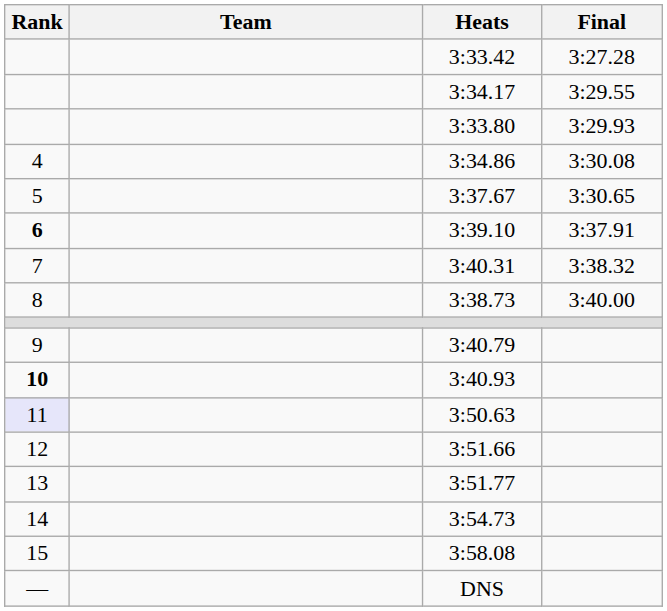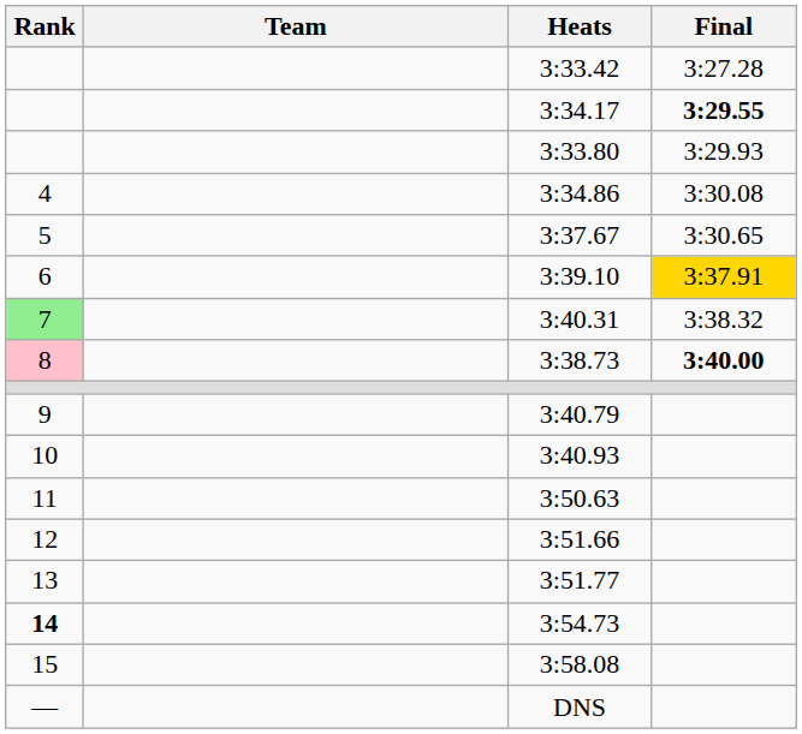 <table class=wikitable style="text-align:center">
 <tr>
 <th width=40>Rank</th>
 <th width=250>Team</th>
 <th width=80>Heats</th>
 <th width=80>Final</th>
 </tr>
 <tr>
 <td></td>
 <td align=left></td>
 <td>3:33.42</td>
 <td>3:27.28</td>
 </tr>
 <tr>
 <td></td>
 <td align=left></td>
 <td>3:34.17</td>
-<td>3:29.55</td>
+<td><strong>3:29.55</strong></td>
 </tr>
 <tr>
 <td></td>
 <td align=left></td>
 <td>3:33.80</td>
 <td>3:29.93</td>
 </tr>
 <tr>
 <td>4</td>
 <td align=left></td>
 <td>3:34.86</td>
 <td>3:30.08</td>
 </tr>
 <tr>
 <td>5</td>
 <td align=left></td>
 <td>3:37.67</td>
 <td>3:30.65</td>
 </tr>
 <tr>
-<td><strong>6</strong></td>
+<td>6</td>
 <td align=left></td>
 <td>3:39.10</td>
-<td>3:37.91</td>
+<td style="background: gold;">3:37.91</td>
 </tr>
 <tr>
-<td>7</td>
+<td style="background: lightgreen;">7</td>
 <td align=left></td>
 <td>3:40.31</td>
 <td>3:38.32</td>
 </tr>
 <tr>
-<td>8</td>
+<td style="background: pink;">8</td>
 <td align=left></td>
 <td>3:38.73</td>
-<td>3:40.00</td>
+<td><strong>3:40.00</strong></td>
 </tr>
 <tr bgcolor=#DDDDDD>
 <td colspan=4></td>
 </tr>
 <tr>
 <td>9</td>
 <td align=left></td>
 <td>3:40.79</td>
 <td></td>
 </tr>
 <tr>
-<td><strong>10</strong></td>
+<td>10</td>
 <td align=left></td>
 <td>3:40.93</td>
 <td></td>
 </tr>
 <tr>
-<td style="background: lavender;">11</td>
+<td>11</td>
 <td align=left></td>
 <td>3:50.63</td>
 <td></td>
 </tr>
 <tr>
 <td>12</td>
 <td align=left></td>
 <td>3:51.66</td>
 <td></td>
 </tr>
 <tr>
 <td>13</td>
 <td align=left></td>
 <td>3:51.77</td>
 <td></td>
 </tr>
 <tr>
-<td>14</td>
+<td><strong>14</strong></td>
 <td align=left></td>
 <td>3:54.73</td>
 <td></td>
 </tr>
 <tr>
 <td>15</td>
 <td align=left></td>
 <td>3:58.08</td>
 <td></td>
 </tr>
 <tr>
 <td>—</td>
 <td align=left></td>
 <td>DNS</td>
 <td></td>
 </tr>
 </table>
